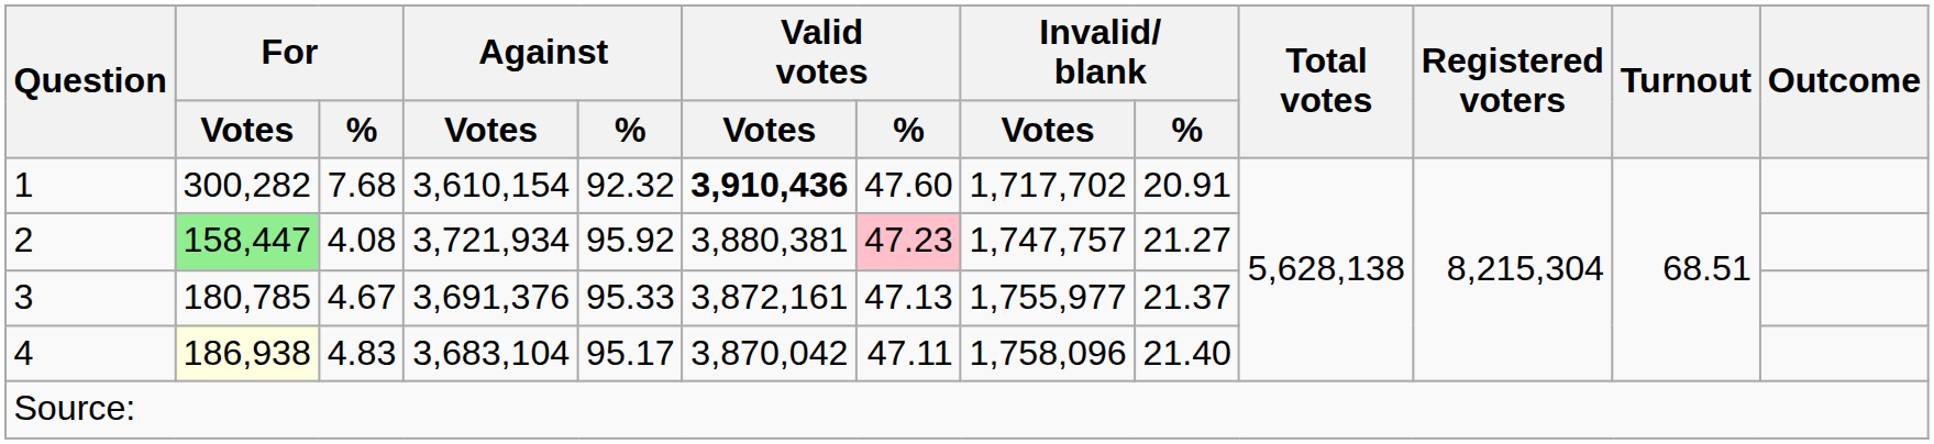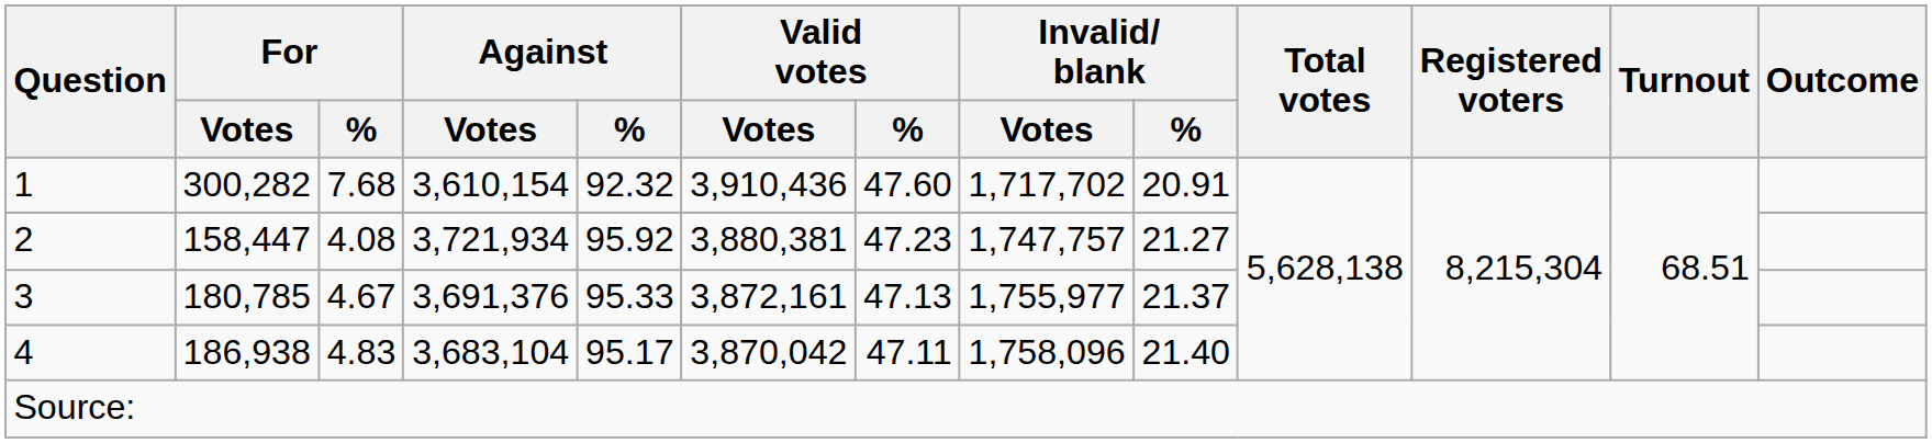 <table class="wikitable" style="text-align:right">
 <tr>
 <th rowspan=2>Question</th>
 <th colspan=2>For</th>
 <th colspan=2>Against</th>
 <th colspan=2>Valid<br>votes</th>
 <th colspan=2>Invalid/<br>blank</th>
 <th rowspan=2>Total<br>votes</th>
 <th rowspan=2>Registered<br>voters</th>
 <th rowspan=2>Turnout</th>
 <th rowspan=2>Outcome</th>
 </tr>
 <tr>
 <th>Votes</th>
 <th>%</th>
 <th>Votes</th>
 <th>%</th>
 <th>Votes</th>
 <th>%</th>
 <th>Votes</th>
 <th>%</th>
 </tr>
 <tr>
 <td align=left>1</td>
 <td>300,282</td>
 <td>7.68</td>
 <td>3,610,154</td>
 <td>92.32</td>
-<td><strong>3,910,436</strong></td>
+<td>3,910,436</td>
 <td>47.60</td>
 <td>1,717,702</td>
 <td>20.91</td>
 <td rowspan=4>5,628,138</td>
 <td rowspan=4>8,215,304</td>
 <td rowspan=4>68.51</td>
 <td></td>
 </tr>
 <tr>
 <td align=left>2</td>
-<td style="background: lightgreen;">158,447</td>
+<td>158,447</td>
 <td>4.08</td>
 <td>3,721,934</td>
 <td>95.92</td>
 <td>3,880,381</td>
-<td style="background: pink;">47.23</td>
+<td>47.23</td>
 <td>1,747,757</td>
 <td>21.27</td>
 <td></td>
 </tr>
 <tr>
 <td align=left>3</td>
 <td>180,785</td>
 <td>4.67</td>
 <td>3,691,376</td>
 <td>95.33</td>
 <td>3,872,161</td>
 <td>47.13</td>
 <td>1,755,977</td>
 <td>21.37</td>
 <td></td>
 </tr>
 <tr>
 <td align=left>4</td>
-<td style="background: lightyellow;">186,938</td>
+<td>186,938</td>
 <td>4.83</td>
 <td>3,683,104</td>
 <td>95.17</td>
 <td>3,870,042</td>
 <td>47.11</td>
 <td>1,758,096</td>
 <td>21.40</td>
 <td></td>
 </tr>
 <tr>
 <td colspan=13 align=left>Source:</td>
 </tr>
 </table>
